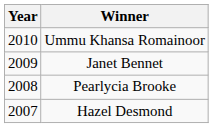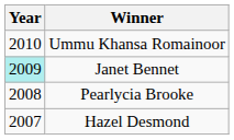 <table class="wikitable" style="text-align:center">
 <tr>
 <th>Year</th>
 <th>Winner</th>
 </tr>
 <tr>
 <td>2010</td>
 <td>Ummu Khansa Romainoor</td>
 </tr>
 <tr>
-<td>2009</td>
+<td style="background: paleturquoise;">2009</td>
 <td>Janet Bennet</td>
 </tr>
 <tr>
 <td>2008</td>
 <td>Pearlycia Brooke</td>
 </tr>
 <tr>
 <td>2007</td>
 <td>Hazel Desmond</td>
 </tr>
 </table>
